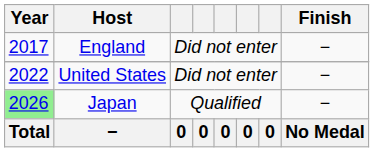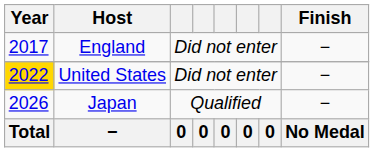 <table class="wikitable" style="text-align: center;">
 <tr>
 <th>Year</th>
 <th>Host</th>
 <th></th>
 <th></th>
 <th></th>
 <th></th>
 <th></th>
 <th>Finish</th>
 </tr>
 <tr>
 <td align=left><a href='#'>2017</a></td>
 <td><a href='#'>England</a></td>
 <td colspan=5><em>Did not enter</em></td>
 <td>−</td>
 </tr>
 <tr>
 </tr>
 <tr>
-<td align=left><a href='#'>2022</a></td>
+<td align=left style="background: gold;"><a href='#'>2022</a></td>
 <td><a href='#'>United States</a></td>
 <td colspan=5><em>Did not enter</em></td>
 <td>−</td>
 </tr>
 <tr>
-<td align=left style="background: lightgreen;"><a href='#'>2026</a></td>
+<td align=left><a href='#'>2026</a></td>
 <td><a href='#'>Japan</a></td>
 <td colspan=5><em>Qualified</em></td>
 <td>−</td>
 </tr>
 <tr>
 <th>Total</th>
 <th>−</th>
 <th>0</th>
 <th>0</th>
 <th>0</th>
 <th>0</th>
 <th>0</th>
 <th>No Medal</th>
 </tr>
 </table>
